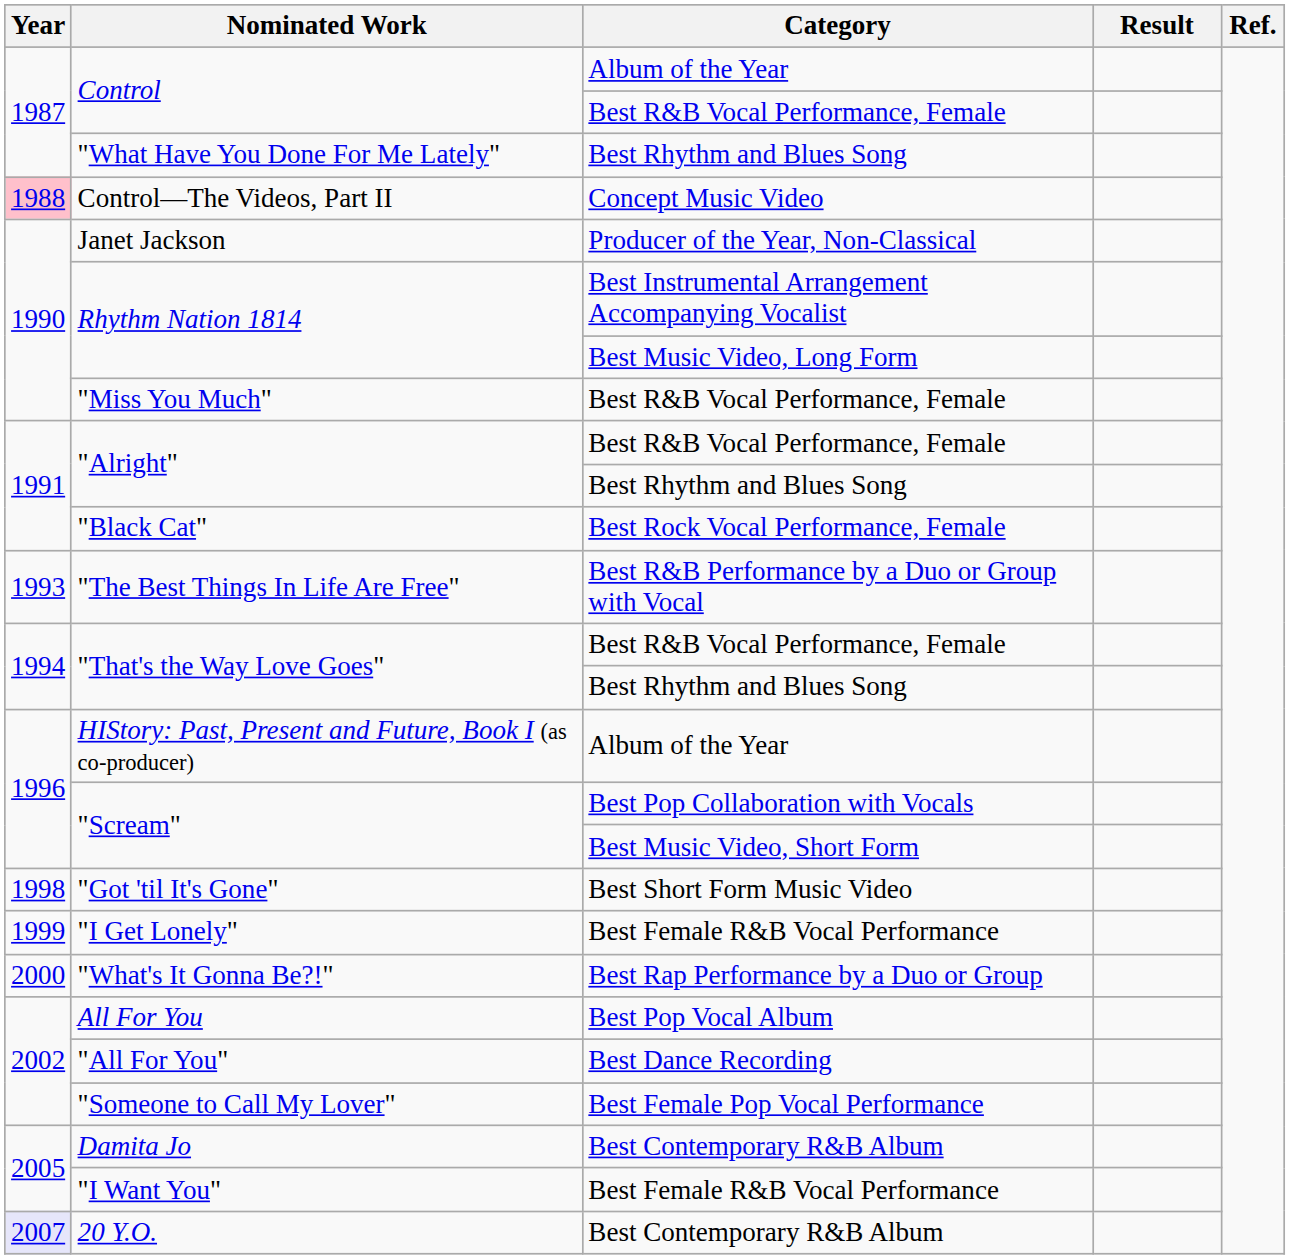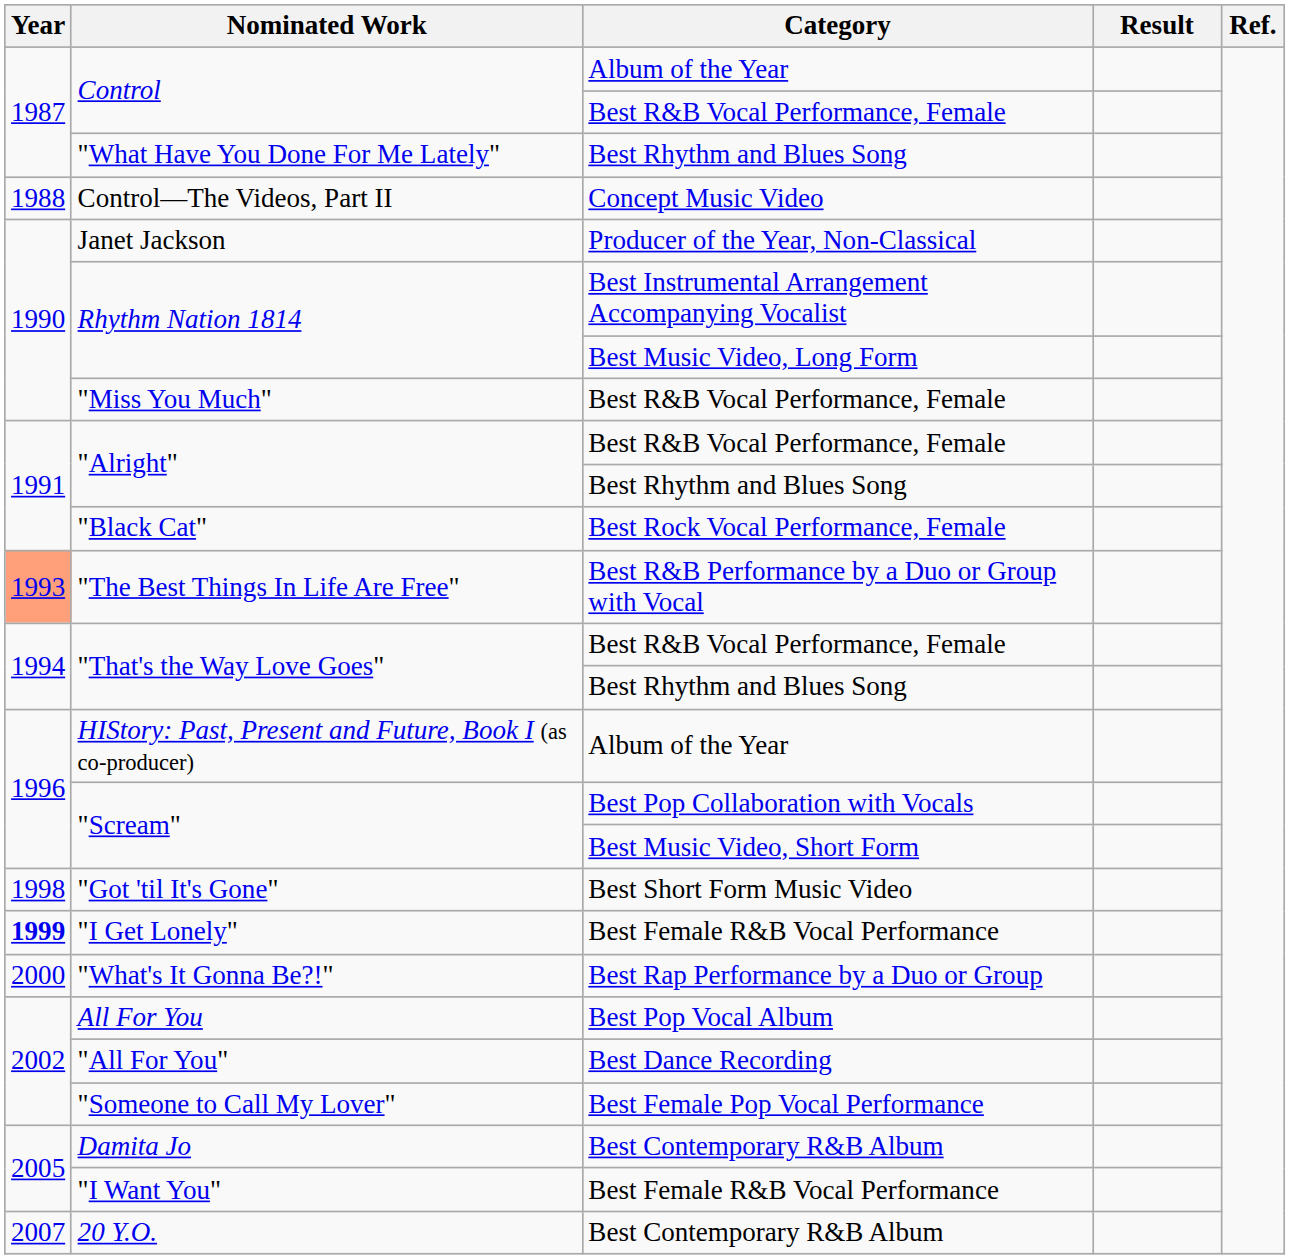 <table class="wikitable" width="60%">
 <tr>
 <th width="5%">Year</th>
 <th width="40%">Nominated Work</th>
 <th width="40%">Category</th>
 <th width="10%">Result</th>
 <th width="5%">Ref.</th>
 </tr>
 <tr>
 <td rowspan="3"><a href='#'>1987</a></td>
 <td rowspan="2"><em><a href='#'>Control</a></em></td>
 <td><a href='#'>Album of the Year</a></td>
 <td></td>
 <td rowspan="26"></td>
 </tr>
 <tr>
 <td><a href='#'>Best R&B Vocal Performance, Female</a></td>
 <td></td>
 </tr>
 <tr>
 <td>"<a href='#'>What Have You Done For Me Lately</a>"</td>
 <td><a href='#'>Best Rhythm and Blues Song</a></td>
 <td></td>
 </tr>
 <tr>
-<td align="center" style="background: pink;"><a href='#'>1988</a></td>
+<td align="center"><a href='#'>1988</a></td>
 <td>Control—The Videos, Part II</td>
 <td><a href='#'>Concept Music Video</a></td>
 <td></td>
 </tr>
 <tr>
 <td rowspan="4"><a href='#'>1990</a></td>
 <td>Janet Jackson</td>
 <td><a href='#'>Producer of the Year, Non-Classical</a></td>
 <td></td>
 </tr>
 <tr>
 <td rowspan="2"><em><a href='#'>Rhythm Nation 1814</a></em></td>
 <td><a href='#'>Best Instrumental Arrangement Accompanying Vocalist</a></td>
 <td></td>
 </tr>
 <tr>
 <td><a href='#'>Best Music Video, Long Form</a></td>
 <td></td>
 </tr>
 <tr>
 <td>"<a href='#'>Miss You Much</a>"</td>
 <td>Best R&B Vocal Performance, Female</td>
 <td></td>
 </tr>
 <tr>
 <td rowspan="3"><a href='#'>1991</a></td>
 <td rowspan="2">"<a href='#'>Alright</a>"</td>
 <td>Best R&B Vocal Performance, Female</td>
 <td></td>
 </tr>
 <tr>
 <td>Best Rhythm and Blues Song</td>
 <td></td>
 </tr>
 <tr>
 <td>"<a href='#'>Black Cat</a>"</td>
 <td><a href='#'>Best Rock Vocal Performance, Female</a></td>
 <td></td>
 </tr>
 <tr>
-<td><a href='#'>1993</a></td>
+<td style="background: lightsalmon;"><a href='#'>1993</a></td>
 <td>"<a href='#'>The Best Things In Life Are Free</a>"</td>
 <td><a href='#'>Best R&B Performance by a Duo or Group with Vocal</a></td>
 <td></td>
 </tr>
 <tr>
 <td rowspan="2"><a href='#'>1994</a></td>
 <td rowspan="2">"<a href='#'>That's the Way Love Goes</a>"</td>
 <td>Best R&B Vocal Performance, Female</td>
 <td></td>
 </tr>
 <tr>
 <td>Best Rhythm and Blues Song</td>
 <td></td>
 </tr>
 <tr>
 <td rowspan="3"><a href='#'>1996</a></td>
 <td><em><a href='#'>HIStory: Past, Present and Future, Book I</a></em> <small>(as co-producer)</small></td>
 <td>Album of the Year</td>
 <td></td>
 </tr>
 <tr>
 <td rowspan="2">"<a href='#'>Scream</a>"</td>
 <td><a href='#'>Best Pop Collaboration with Vocals</a></td>
 <td></td>
 </tr>
 <tr>
 <td><a href='#'>Best Music Video, Short Form</a></td>
 <td></td>
 </tr>
 <tr>
 <td><a href='#'>1998</a></td>
 <td>"<a href='#'>Got 'til It's Gone</a>"</td>
 <td>Best Short Form Music Video</td>
 <td></td>
 </tr>
 <tr>
-<td><a href='#'>1999</a></td>
+<td><strong><a href='#'>1999</a></strong></td>
 <td>"<a href='#'>I Get Lonely</a>"</td>
 <td>Best Female R&B Vocal Performance</td>
 <td></td>
 </tr>
 <tr>
 <td><a href='#'>2000</a></td>
 <td>"<a href='#'>What's It Gonna Be?!</a>"</td>
 <td><a href='#'>Best Rap Performance by a Duo or Group</a></td>
 <td></td>
 </tr>
 <tr>
 <td rowspan="3"><a href='#'>2002</a></td>
 <td><em><a href='#'>All For You</a></em></td>
 <td><a href='#'>Best Pop Vocal Album</a></td>
 <td></td>
 </tr>
 <tr>
 <td>"<a href='#'>All For You</a>"</td>
 <td><a href='#'>Best Dance Recording</a></td>
 <td></td>
 </tr>
 <tr>
 <td>"<a href='#'>Someone to Call My Lover</a>"</td>
 <td><a href='#'>Best Female Pop Vocal Performance</a></td>
 <td></td>
 </tr>
 <tr>
 <td rowspan="2"><a href='#'>2005</a></td>
 <td><em><a href='#'>Damita Jo</a></em></td>
 <td><a href='#'>Best Contemporary R&B Album</a></td>
 <td></td>
 </tr>
 <tr>
 <td>"<a href='#'>I Want You</a>"</td>
 <td>Best Female R&B Vocal Performance</td>
 <td></td>
 </tr>
 <tr>
-<td style="background: lavender;"><a href='#'>2007</a></td>
+<td><a href='#'>2007</a></td>
 <td><em><a href='#'>20 Y.O.</a></em></td>
 <td>Best Contemporary R&B Album</td>
 <td></td>
 </tr>
 </table>
